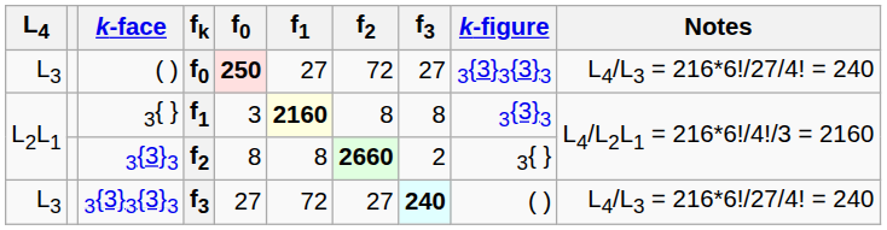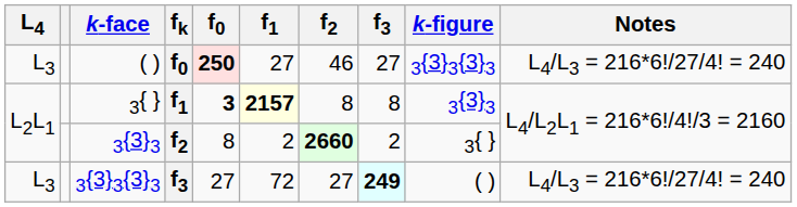 <table class=wikitable>
 <tr>
 <th>L<sub>4</sub></th>
 <th></th>
 <th><a href='#'><em>k</em>-face</a></th>
 <th>f<sub>k</sub></th>
 <th>f<sub>0</sub></th>
 <th>f<sub>1</sub></th>
 <th>f<sub>2</sub></th>
 <th>f<sub>3</sub></th>
 <th><a href='#'><em>k</em>-figure</a></th>
 <th>Notes</th>
 </tr>
 <tr align=right>
 <td>L<sub>3</sub></td>
 <td></td>
 <td>( )</td>
 <th>f<sub>0</sub></th>
 <td BGCOLOR="#ffe0e0"><strong>250</strong></td>
 <td>27</td>
-<td>72</td>
+<td>46</td>
 <td>27</td>
 <td><a href='#'><sub>3</sub>{3}<sub>3</sub>{3}<sub>3</sub></a></td>
 <td>L<sub>4</sub>/L<sub>3</sub> = 216*6!/27/4! = 240</td>
 </tr>
 <tr align=right>
 <td rowspan=2>L<sub>2</sub>L<sub>1</sub></td>
 <td></td>
 <td><sub>3</sub>{ }</td>
 <th>f<sub>1</sub></th>
-<td>3</td>
-<td BGCOLOR="#ffffe0"><strong>2160</strong></td>
+<td><strong>3</strong></td>
+<td BGCOLOR="#ffffe0"><strong>2157</strong></td>
 <td>8</td>
 <td>8</td>
 <td><a href='#'><sub>3</sub>{3}<sub>3</sub></a></td>
 <td rowspan=2>L<sub>4</sub>/L<sub>2</sub>L<sub>1</sub> = 216*6!/4!/3 = 2160</td>
 </tr>
 <tr align=right>
 <td></td>
 <td><a href='#'><sub>3</sub>{3}<sub>3</sub></a></td>
 <th>f<sub>2</sub></th>
 <td>8</td>
-<td>8</td>
+<td>2</td>
 <td BGCOLOR="#e0ffe0"><strong>2660</strong></td>
 <td>2</td>
 <td><sub>3</sub>{ }</td>
 </tr>
 <tr align=right>
 <td>L<sub>3</sub></td>
 <td></td>
 <td><a href='#'><sub>3</sub>{3}<sub>3</sub>{3}<sub>3</sub></a></td>
 <th>f<sub>3</sub></th>
 <td>27</td>
 <td>72</td>
 <td>27</td>
-<td BGCOLOR="#e0ffff"><strong>240</strong></td>
+<td BGCOLOR="#e0ffff"><strong>249</strong></td>
 <td>( )</td>
 <td>L<sub>4</sub>/L<sub>3</sub> = 216*6!/27/4! = 240</td>
 </tr>
 </table>
